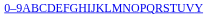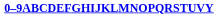 <table id="toc" class="toc" summary="Class">
 <tr>
 <th></th>
 </tr>
 <tr>
-<td style="text-align:center;"><a href='#'>0–9</a><a href='#'>A</a><a href='#'>B</a><a href='#'>C</a><a href='#'>D</a><a href='#'>E</a><a href='#'>F</a><a href='#'>G</a><a href='#'>H</a><a href='#'>I</a><a href='#'>J</a><a href='#'>K</a><a href='#'>L</a><a href='#'>M</a><a href='#'>N</a><a href='#'>O</a><a href='#'>P</a><a href='#'>Q</a><a href='#'>R</a><a href='#'>S</a><a href='#'>T</a><a href='#'>U</a><a href='#'>V</a><a href='#'>Y</a></td>
+<td style="text-align:center;"><strong><a href='#'>0–9</a><a href='#'>A</a><a href='#'>B</a><a href='#'>C</a><a href='#'>D</a><a href='#'>E</a><a href='#'>F</a><a href='#'>G</a><a href='#'>H</a><a href='#'>I</a><a href='#'>J</a><a href='#'>K</a><a href='#'>L</a><a href='#'>M</a><a href='#'>N</a><a href='#'>O</a><a href='#'>P</a><a href='#'>Q</a><a href='#'>R</a><a href='#'>S</a><a href='#'>T</a><a href='#'>U</a><a href='#'>V</a><a href='#'>Y</a></strong></td>
 </tr>
 </table>
